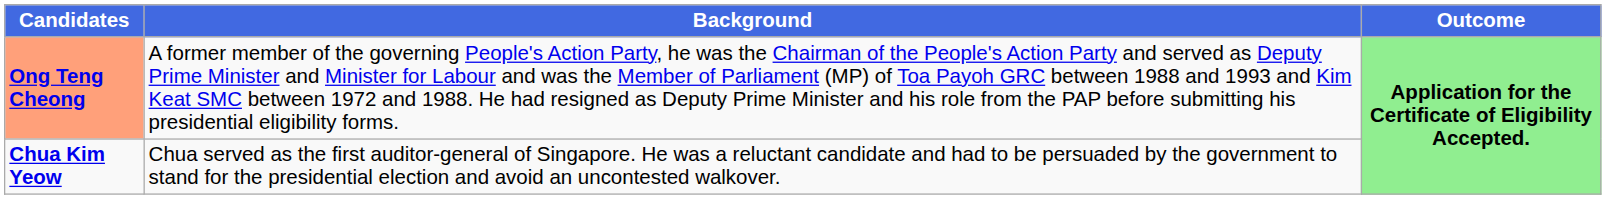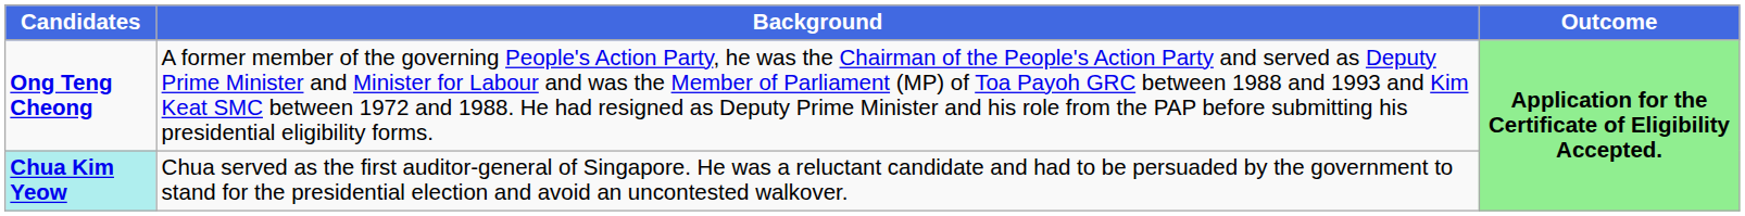 <table class="wikitable">
 <tr>
 <th style="background:RoyalBlue; color: white;">Candidates</th>
 <th style="background:RoyalBlue; color: white;">Background</th>
 <th style="background:RoyalBlue; color: white;">Outcome</th>
 </tr>
 <tr>
-<td style="background: lightsalmon;"><strong><a href='#'>Ong Teng Cheong</a></strong></td>
+<td><strong><a href='#'>Ong Teng Cheong</a></strong></td>
 <td>A former member of the governing <a href='#'>People's Action Party</a>, he was the <a href='#'>Chairman of the People's Action Party</a> and served as <a href='#'>Deputy Prime Minister</a> and <a href='#'>Minister for Labour</a> and was the <a href='#'>Member of Parliament</a> (MP) of <a href='#'>Toa Payoh GRC</a> between 1988 and 1993 and  <a href='#'>Kim Keat SMC</a> between 1972 and 1988.  He had resigned as Deputy Prime Minister and his role from the PAP before submitting his presidential eligibility forms.</td>
 <th rowspan="2" style="background: lightgreen;">Application for the Certificate of Eligibility Accepted.</th>
 </tr>
 <tr>
-<td><strong><a href='#'>Chua Kim Yeow</a></strong></td>
+<td style="background: paleturquoise;"><strong><a href='#'>Chua Kim Yeow</a></strong></td>
 <td>Chua served as the first auditor-general of Singapore. He was a reluctant candidate and had to be persuaded by the government to stand for the presidential election and avoid an uncontested walkover.</td>
 </tr>
 </table>
